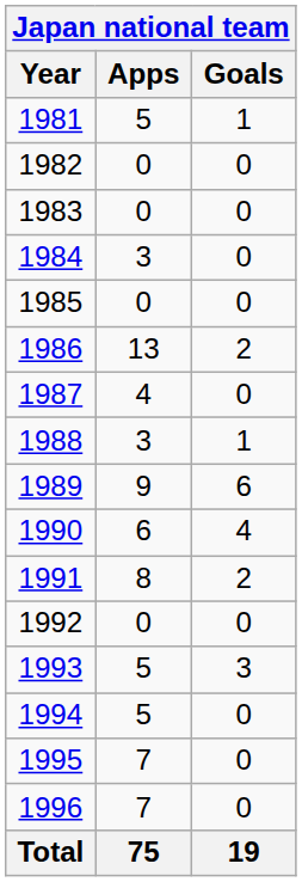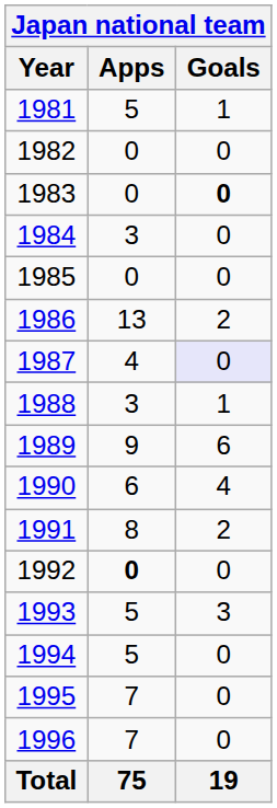 <table class="wikitable" style="text-align:center">
 <tr>
 <th colspan=3><a href='#'>Japan national team</a></th>
 </tr>
 <tr>
 <th>Year</th>
 <th>Apps</th>
 <th>Goals</th>
 </tr>
 <tr>
 <td><a href='#'>1981</a></td>
 <td>5</td>
 <td>1</td>
 </tr>
 <tr>
 <td>1982</td>
 <td>0</td>
 <td>0</td>
 </tr>
 <tr>
 <td>1983</td>
 <td>0</td>
-<td>0</td>
+<td><strong>0</strong></td>
 </tr>
 <tr>
 <td><a href='#'>1984</a></td>
 <td>3</td>
 <td>0</td>
 </tr>
 <tr>
 <td>1985</td>
 <td>0</td>
 <td>0</td>
 </tr>
 <tr>
 <td><a href='#'>1986</a></td>
 <td>13</td>
 <td>2</td>
 </tr>
 <tr>
 <td><a href='#'>1987</a></td>
 <td>4</td>
-<td>0</td>
+<td style="background: lavender;">0</td>
 </tr>
 <tr>
 <td><a href='#'>1988</a></td>
 <td>3</td>
 <td>1</td>
 </tr>
 <tr>
 <td><a href='#'>1989</a></td>
 <td>9</td>
 <td>6</td>
 </tr>
 <tr>
 <td><a href='#'>1990</a></td>
 <td>6</td>
 <td>4</td>
 </tr>
 <tr>
 <td><a href='#'>1991</a></td>
 <td>8</td>
 <td>2</td>
 </tr>
 <tr>
 <td>1992</td>
-<td>0</td>
+<td><strong>0</strong></td>
 <td>0</td>
 </tr>
 <tr>
 <td><a href='#'>1993</a></td>
 <td>5</td>
 <td>3</td>
 </tr>
 <tr>
 <td><a href='#'>1994</a></td>
 <td>5</td>
 <td>0</td>
 </tr>
 <tr>
 <td><a href='#'>1995</a></td>
 <td>7</td>
 <td>0</td>
 </tr>
 <tr>
 <td><a href='#'>1996</a></td>
 <td>7</td>
 <td>0</td>
 </tr>
 <tr>
 <th>Total</th>
 <th>75</th>
 <th>19</th>
 </tr>
 </table>
